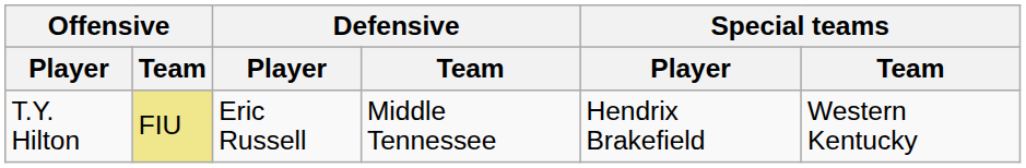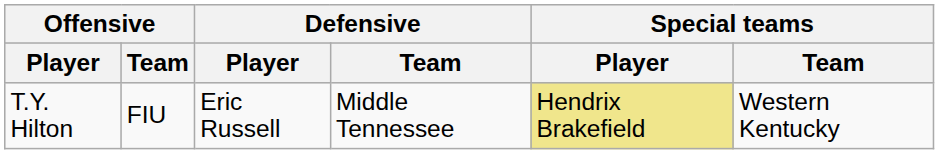 <table class="wikitable">
 <tr>
 <th colspan="2">Offensive</th>
 <th colspan="2">Defensive</th>
 <th colspan="2">Special teams</th>
 </tr>
 <tr>
 <th>Player</th>
 <th>Team</th>
 <th>Player</th>
 <th>Team</th>
 <th>Player</th>
 <th>Team</th>
 </tr>
 <tr>
 <td>T.Y. Hilton</td>
-<td style="background: khaki;">FIU</td>
+<td>FIU</td>
 <td>Eric Russell</td>
 <td>Middle Tennessee</td>
-<td>Hendrix Brakefield</td>
+<td style="background: khaki;">Hendrix Brakefield</td>
 <td>Western Kentucky</td>
 </tr>
 </table>
